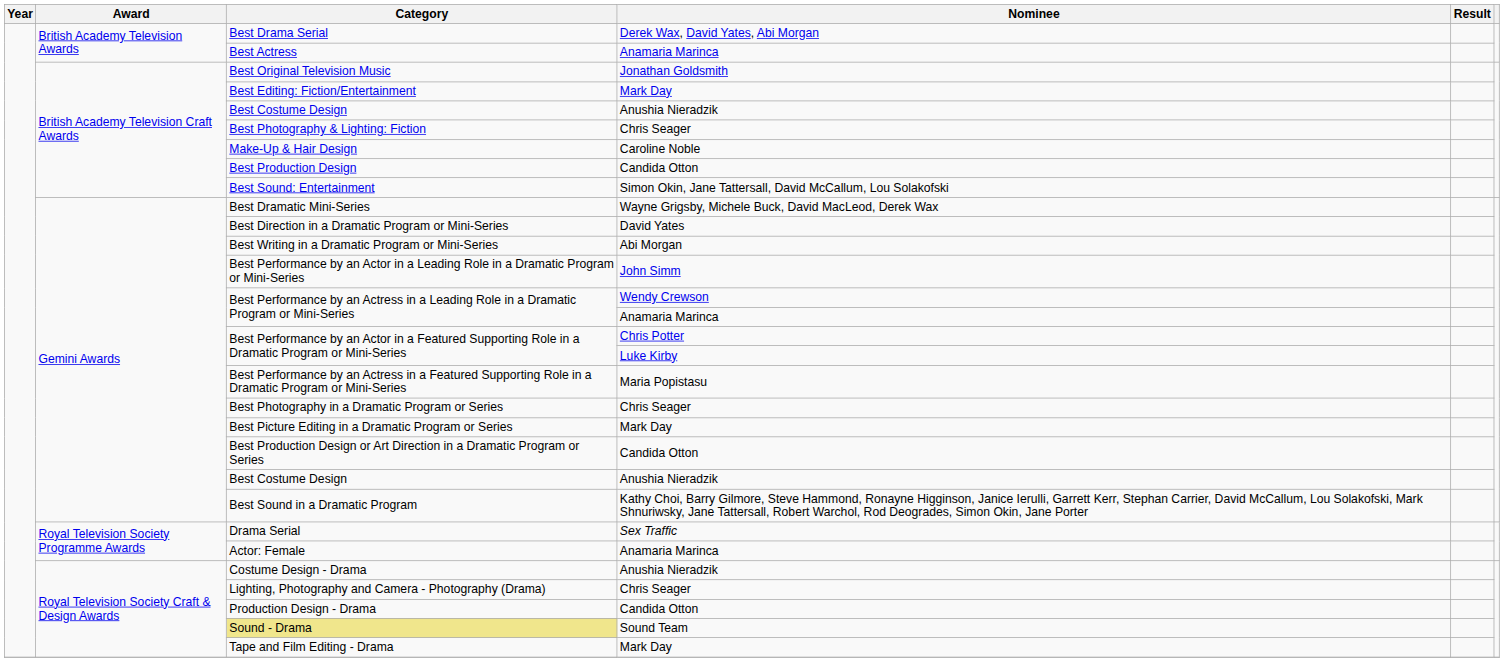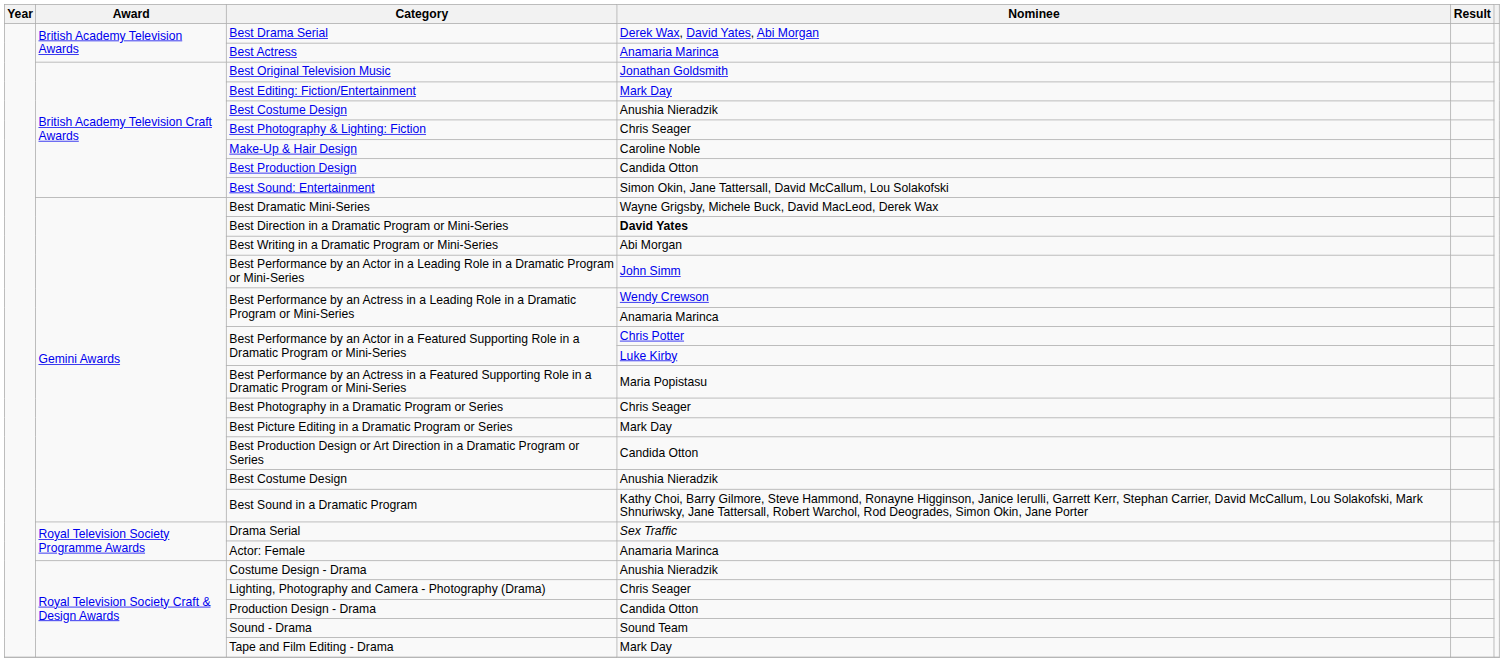 <table class="wikitable plainrowheaders sortable">
 <tr>
 <th scope="col">Year</th>
 <th scope="col">Award</th>
 <th scope="col">Category</th>
 <th scope="col">Nominee</th>
 <th scope="col">Result</th>
 <th scope="col" class="unsortable"></th>
 </tr>
 <tr>
 <td rowspan="30"></td>
 <td rowspan="2"><a href='#'>British Academy Television Awards</a></td>
 <td><a href='#'>Best Drama Serial</a></td>
 <td><a href='#'>Derek Wax</a>, <a href='#'>David Yates</a>, <a href='#'>Abi Morgan</a></td>
 <td></td>
 <td rowspan="2"></td>
 </tr>
 <tr>
 <td><a href='#'>Best Actress</a></td>
 <td><a href='#'>Anamaria Marinca</a></td>
 <td></td>
 </tr>
 <tr>
 <td rowspan="7"><a href='#'>British Academy Television Craft Awards</a></td>
 <td><a href='#'>Best Original Television Music</a></td>
 <td><a href='#'>Jonathan Goldsmith</a></td>
 <td></td>
 <td rowspan="7"></td>
 </tr>
 <tr>
 <td><a href='#'>Best Editing: Fiction/Entertainment</a></td>
 <td><a href='#'>Mark Day</a></td>
 <td></td>
 </tr>
 <tr>
 <td><a href='#'>Best Costume Design</a></td>
 <td>Anushia Nieradzik</td>
 <td></td>
 </tr>
 <tr>
 <td><a href='#'>Best Photography & Lighting: Fiction</a></td>
 <td>Chris Seager</td>
 <td></td>
 </tr>
 <tr>
 <td><a href='#'>Make-Up & Hair Design</a></td>
 <td>Caroline Noble</td>
 <td></td>
 </tr>
 <tr>
 <td><a href='#'>Best Production Design</a></td>
 <td>Candida Otton</td>
 <td></td>
 </tr>
 <tr>
 <td><a href='#'>Best Sound: Entertainment</a></td>
 <td>Simon Okin, Jane Tattersall, David McCallum, Lou Solakofski</td>
 <td></td>
 </tr>
 <tr>
 <td rowspan="14"><a href='#'>Gemini Awards</a></td>
 <td>Best Dramatic Mini-Series</td>
 <td>Wayne Grigsby, Michele Buck, David MacLeod, Derek Wax</td>
 <td></td>
 <td rowspan="14"></td>
 </tr>
 <tr>
 <td>Best Direction in a Dramatic Program or Mini-Series</td>
-<td>David Yates </td>
+<td><strong>David Yates </strong></td>
 <td></td>
 </tr>
 <tr>
 <td>Best Writing in a Dramatic Program or Mini-Series</td>
 <td>Abi Morgan </td>
 <td></td>
 </tr>
 <tr>
 <td>Best Performance by an Actor in a Leading Role in a Dramatic Program or Mini-Series</td>
 <td><a href='#'>John Simm</a> </td>
 <td></td>
 </tr>
 <tr>
 <td rowspan="2">Best Performance by an Actress in a Leading Role in a Dramatic Program or Mini-Series</td>
 <td><a href='#'>Wendy Crewson</a> </td>
 <td></td>
 </tr>
 <tr>
 <td>Anamaria Marinca </td>
 <td></td>
 </tr>
 <tr>
 <td rowspan="2">Best Performance by an Actor in a Featured Supporting Role in a Dramatic Program or Mini-Series</td>
 <td><a href='#'>Chris Potter</a> </td>
 <td></td>
 </tr>
 <tr>
 <td><a href='#'>Luke Kirby</a> </td>
 <td></td>
 </tr>
 <tr>
 <td>Best Performance by an Actress in a Featured Supporting Role in a Dramatic Program or Mini-Series</td>
 <td>Maria Popistasu </td>
 <td></td>
 </tr>
 <tr>
 <td>Best Photography in a Dramatic Program or Series</td>
 <td>Chris Seager </td>
 <td></td>
 </tr>
 <tr>
 <td>Best Picture Editing in a Dramatic Program or Series</td>
 <td>Mark Day </td>
 <td></td>
 </tr>
 <tr>
 <td>Best Production Design or Art Direction in a Dramatic Program or Series</td>
 <td>Candida Otton </td>
 <td></td>
 </tr>
 <tr>
 <td>Best Costume Design</td>
 <td>Anushia Nieradzik </td>
 <td></td>
 </tr>
 <tr>
 <td>Best Sound in a Dramatic Program</td>
 <td>Kathy Choi, Barry Gilmore, Steve Hammond, Ronayne Higginson, Janice Ierulli, Garrett Kerr, Stephan Carrier, David McCallum, Lou Solakofski, Mark Shnuriwsky, Jane Tattersall, Robert Warchol, Rod Deogrades, Simon Okin, Jane Porter </td>
 <td></td>
 </tr>
 <tr>
 <td rowspan="2"><a href='#'>Royal Television Society Programme Awards</a></td>
 <td>Drama Serial</td>
 <td><em>Sex Traffic</em></td>
 <td></td>
 <td rowspan="2"></td>
 </tr>
 <tr>
 <td>Actor: Female</td>
 <td>Anamaria Marinca</td>
 <td></td>
 </tr>
 <tr>
 <td rowspan="5"><a href='#'>Royal Television Society Craft & Design Awards</a></td>
 <td>Costume Design - Drama</td>
 <td>Anushia Nieradzik</td>
 <td></td>
 <td rowspan="5"></td>
 </tr>
 <tr>
 <td>Lighting, Photography and Camera - Photography (Drama)</td>
 <td>Chris Seager</td>
 <td></td>
 </tr>
 <tr>
 <td>Production Design - Drama</td>
 <td>Candida Otton</td>
 <td></td>
 </tr>
 <tr>
-<td style="background: khaki;">Sound - Drama</td>
+<td>Sound - Drama</td>
 <td>Sound Team</td>
 <td></td>
 </tr>
 <tr>
 <td>Tape and Film Editing - Drama</td>
 <td>Mark Day</td>
 <td></td>
 </tr>
 <tr>
 </tr>
 </table>
